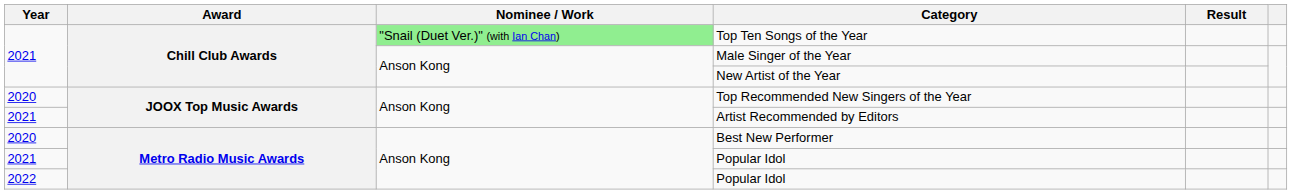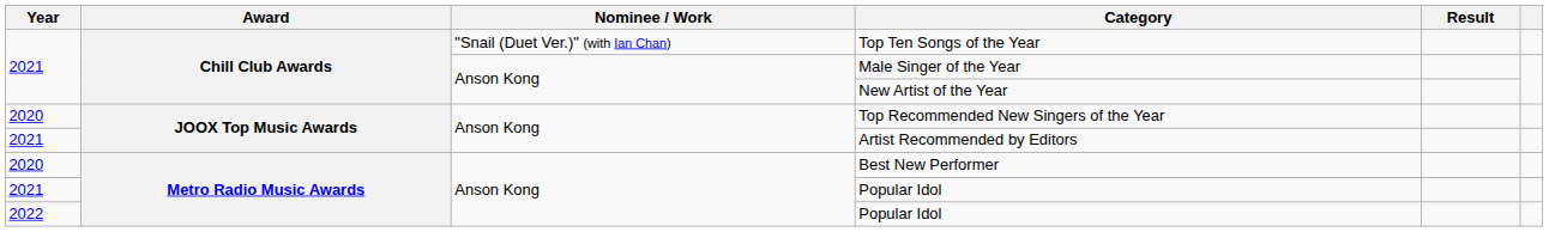 <table class="wikitable plainrowheaders" style="width: 100%;">
 <tr>
 <th scope="col">Year</th>
 <th scope="col">Award</th>
 <th scope="col">Nominee / Work</th>
 <th scope="col">Category</th>
 <th scope="col">Result</th>
 <th scope="col" style="width:1em;" class="unsortable"></th>
 </tr>
 <tr>
 <td rowspan="3"><a href='#'>2021</a></td>
 <th rowspan="3" scope="row">Chill Club Awards</th>
-<td style="background: lightgreen;">"Snail (Duet Ver.)" <small>(with <a href='#'>Ian Chan</a>)</small></td>
+<td>"Snail (Duet Ver.)" <small>(with <a href='#'>Ian Chan</a>)</small></td>
 <td>Top Ten Songs of the Year</td>
 <td></td>
 <td></td>
 </tr>
 <tr>
 <td rowspan="2">Anson Kong</td>
 <td>Male Singer of the Year</td>
 <td></td>
 <td rowspan="2"></td>
 </tr>
 <tr>
 <td>New Artist of the Year</td>
 <td></td>
 </tr>
 <tr>
 <td><a href='#'>2020</a></td>
 <th rowspan="2" scope="row">JOOX Top Music Awards</th>
 <td rowspan="2">Anson Kong</td>
 <td>Top Recommended New Singers of the Year</td>
 <td></td>
 <td></td>
 </tr>
 <tr>
 <td><a href='#'>2021</a></td>
 <td>Artist Recommended by Editors</td>
 <td></td>
 <td></td>
 </tr>
 <tr>
 <td><a href='#'>2020</a></td>
 <th rowspan="3" scope="row"><a href='#'>Metro Radio Music Awards</a></th>
 <td rowspan="3">Anson Kong</td>
 <td>Best New Performer</td>
 <td></td>
 <td></td>
 </tr>
 <tr>
 <td><a href='#'>2021</a></td>
 <td>Popular Idol</td>
 <td></td>
 <td></td>
 </tr>
 <tr>
 <td><a href='#'>2022</a></td>
 <td>Popular Idol</td>
 <td></td>
 <td></td>
 </tr>
 </table>
